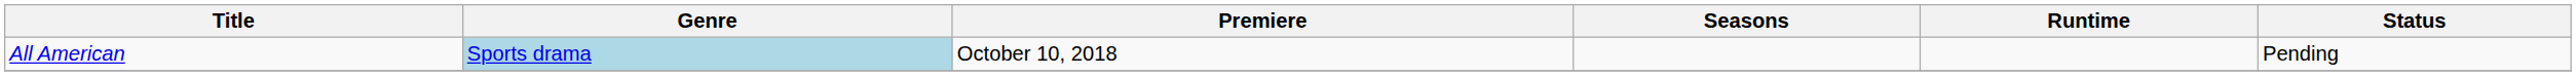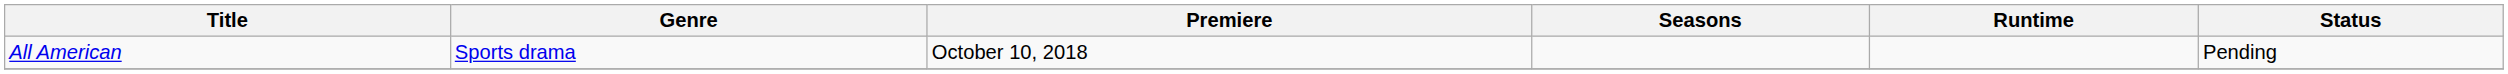 <table class="wikitable sortable" style="width:100%;">
 <tr>
 <th>Title</th>
 <th>Genre</th>
 <th>Premiere</th>
 <th>Seasons</th>
 <th>Runtime</th>
 <th>Status</th>
 </tr>
 <tr>
 <td><em><a href='#'>All American</a></em></td>
-<td style="background: lightblue;"><a href='#'>Sports drama</a></td>
+<td><a href='#'>Sports drama</a></td>
 <td>October 10, 2018</td>
 <td></td>
 <td></td>
 <td>Pending</td>
 </tr>
 <tr>
 </tr>
 </table>
